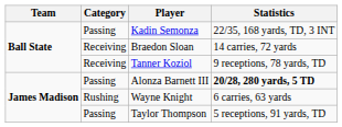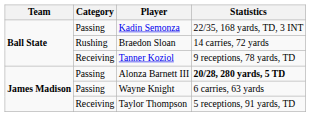 <table class="wikitable" style="float: right;">
 <tr>
 <th>Team</th>
 <th>Category</th>
 <th>Player</th>
 <th>Statistics</th>
 </tr>
 <tr>
 <td rowspan=3><strong>Ball State</strong></td>
 <td>Passing</td>
 <td><a href='#'>Kadin Semonza</a></td>
 <td>22/35, 168 yards, TD, 3 INT</td>
 </tr>
 <tr>
-<td>Receiving</td>
+<td>Rushing</td>
 <td>Braedon Sloan</td>
 <td>14 carries, 72 yards</td>
 </tr>
 <tr>
 <td>Receiving</td>
 <td><a href='#'>Tanner Koziol</a></td>
 <td>9 receptions, 78 yards, TD</td>
 </tr>
 <tr>
 <td rowspan=3><strong>James Madison</strong></td>
 <td>Passing</td>
 <td>Alonza Barnett III</td>
 <td><strong>20/28, 280 yards, 5 TD</strong></td>
 </tr>
 <tr>
-<td>Rushing</td>
+<td>Passing</td>
 <td>Wayne Knight</td>
 <td>6 carries, 63 yards</td>
 </tr>
 <tr>
-<td>Passing</td>
+<td>Receiving</td>
 <td>Taylor Thompson</td>
 <td>5 receptions, 91 yards, TD</td>
 </tr>
 </table>
